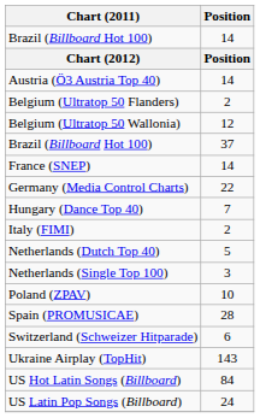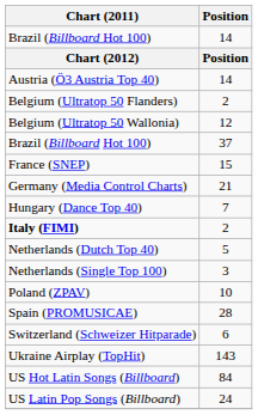 <table class="wikitable sortable">
 <tr>
 <th>Chart (2011)</th>
 <th>Position</th>
 </tr>
 <tr>
 <td>Brazil (<a href='#'><em>Billboard</em> Hot 100</a>)</td>
 <td style="text-align:center;">14</td>
 </tr>
 <tr>
 <th>Chart (2012)</th>
 <th>Position</th>
 </tr>
 <tr>
 <td>Austria (<a href='#'>Ö3 Austria Top 40</a>)</td>
 <td style="text-align:center;">14</td>
 </tr>
 <tr>
 <td>Belgium (<a href='#'>Ultratop 50</a> Flanders)</td>
 <td align="center">2</td>
 </tr>
 <tr>
 <td>Belgium (<a href='#'>Ultratop 50</a> Wallonia)</td>
 <td align="center">12</td>
 </tr>
 <tr>
 <td>Brazil (<em><a href='#'>Billboard</a></em> <a href='#'>Hot 100</a>)</td>
 <td style="text-align:center;">37</td>
 </tr>
 <tr>
 <td>France (<a href='#'>SNEP</a>)</td>
-<td style="text-align:center;">14</td>
+<td style="text-align:center;">15</td>
 </tr>
 <tr>
 <td>Germany (<a href='#'>Media Control Charts</a>)</td>
-<td style="text-align:center;">22</td>
+<td style="text-align:center;">21</td>
 </tr>
 <tr>
 <td>Hungary (<a href='#'>Dance Top 40</a>)</td>
 <td style="text-align:center;">7</td>
 </tr>
 <tr>
-<td>Italy (<a href='#'>FIMI</a>)</td>
+<td><strong>Italy (<a href='#'>FIMI</a>)</strong></td>
 <td style="text-align:center;">2</td>
 </tr>
 <tr>
 <td>Netherlands (<a href='#'>Dutch Top 40</a>)</td>
 <td align="center">5</td>
 </tr>
 <tr>
 <td>Netherlands (<a href='#'>Single Top 100</a>)</td>
 <td align="center">3</td>
 </tr>
 <tr>
 <td>Poland (<a href='#'>ZPAV</a>)</td>
 <td style="text-align:center;">10</td>
 </tr>
 <tr>
 <td>Spain (<a href='#'>PROMUSICAE</a>)</td>
 <td style="text-align:center;">28</td>
 </tr>
 <tr>
 <td>Switzerland (<a href='#'>Schweizer Hitparade</a>)</td>
 <td style="text-align:center;">6</td>
 </tr>
 <tr>
 <td>Ukraine Airplay (<a href='#'>TopHit</a>)</td>
 <td style="text-align:center;">143</td>
 </tr>
 <tr>
 <td>US <a href='#'>Hot Latin Songs</a> (<a href='#'><em>Billboard</em></a>)</td>
 <td align="center">84</td>
 </tr>
 <tr>
 <td>US <a href='#'>Latin Pop Songs</a> (<em>Billboard</em>)</td>
 <td align="center">24</td>
 </tr>
 <tr>
 </tr>
 </table>
